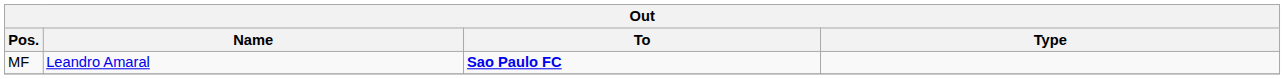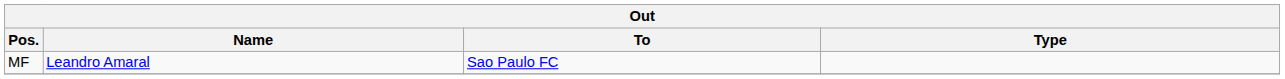 <table class="wikitable" style="font-size:90%;width:99%;">
 <tr>
 <th colspan="4">Out</th>
 </tr>
 <tr>
 <th width=3%>Pos.</th>
 <th width=33%>Name</th>
 <th width=28%>To</th>
 <th width=36%>Type</th>
 </tr>
 <tr>
 <td>MF</td>
 <td><a href='#'>Leandro Amaral</a></td>
-<td><strong><a href='#'>Sao Paulo FC</a></strong></td>
+<td><a href='#'>Sao Paulo FC</a></td>
 <td></td>
 </tr>
 <tr>
 </tr>
 </table>
